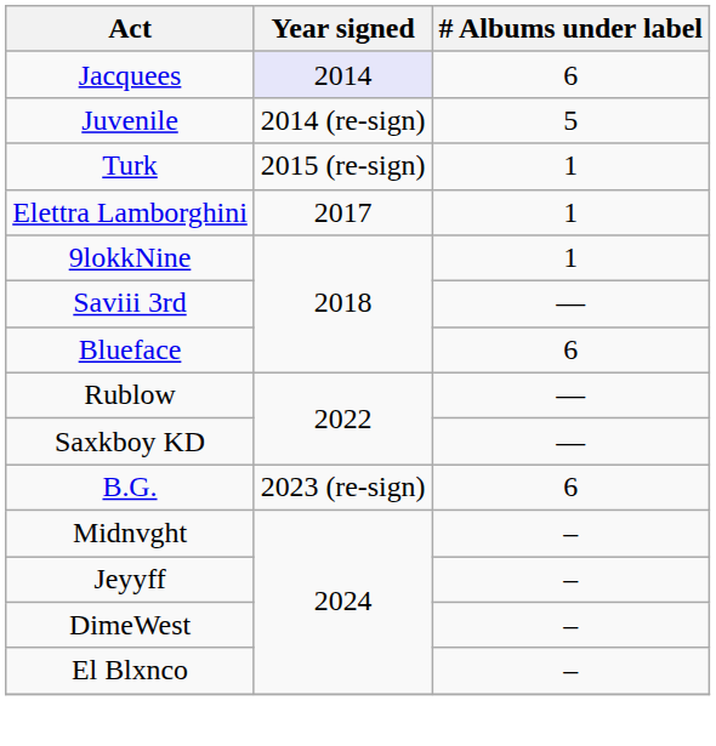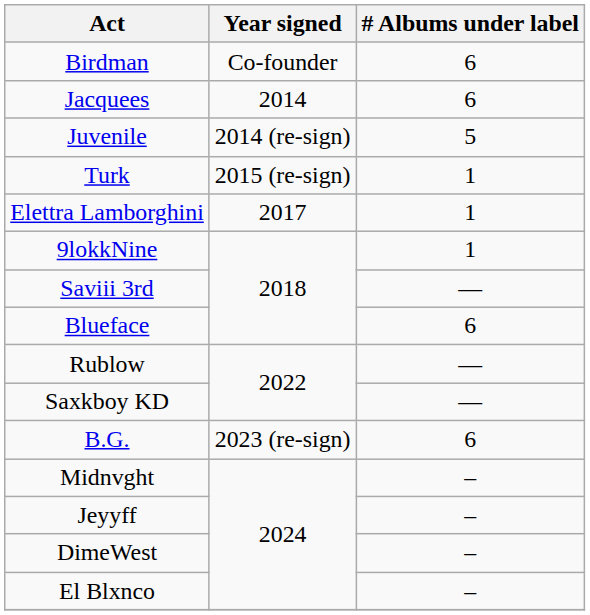 <table class="wikitable" style="text-align: center;">
 <tr>
 <th>Act</th>
 <th>Year signed</th>
 <th># Albums under label</th>
 </tr>
 <tr>
+<td><a href='#'>Birdman</a></td>
+<td>Co-founder</td>
+<td>6</td>
+</tr>
+<tr>
 <td><a href='#'>Jacquees</a></td>
-<td style="background: lavender;">2014</td>
+<td>2014</td>
 <td>6</td>
 </tr>
 <tr>
 <td><a href='#'>Juvenile</a></td>
 <td>2014 (re-sign)</td>
 <td>5</td>
 </tr>
 <tr>
 <td><a href='#'>Turk</a></td>
 <td>2015 (re-sign)</td>
 <td>1</td>
 </tr>
 <tr>
 <td><a href='#'>Elettra Lamborghini</a></td>
 <td rowspan="1">2017</td>
 <td>1</td>
 </tr>
 <tr>
 <td><a href='#'>9lokkNine</a></td>
 <td rowspan="3">2018</td>
 <td>1</td>
 </tr>
 <tr>
 <td><a href='#'>Saviii 3rd</a></td>
 <td>—</td>
 </tr>
 <tr>
 <td><a href='#'>Blueface</a></td>
 <td>6</td>
 </tr>
 <tr>
 <td>Rublow</td>
 <td rowspan="2">2022</td>
 <td>—</td>
 </tr>
 <tr>
 <td>Saxkboy KD</td>
 <td>—</td>
 </tr>
 <tr>
 <td><a href='#'>B.G.</a></td>
 <td>2023 (re-sign)</td>
 <td>6</td>
 </tr>
 <tr>
 <td>Midnvght</td>
 <td rowspan="4">2024</td>
 <td>–</td>
 </tr>
 <tr>
 <td>Jeyyff</td>
 <td>–</td>
 </tr>
 <tr>
 <td>DimeWest</td>
 <td>–</td>
 </tr>
 <tr>
 <td>El Blxnco</td>
 <td>–</td>
 </tr>
 <tr>
 </tr>
 </table>
